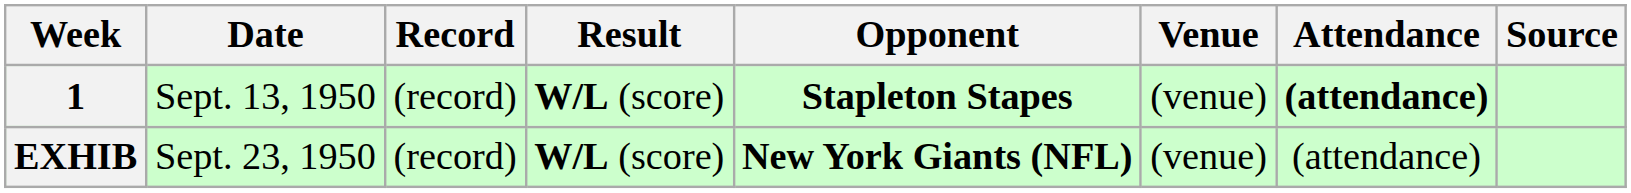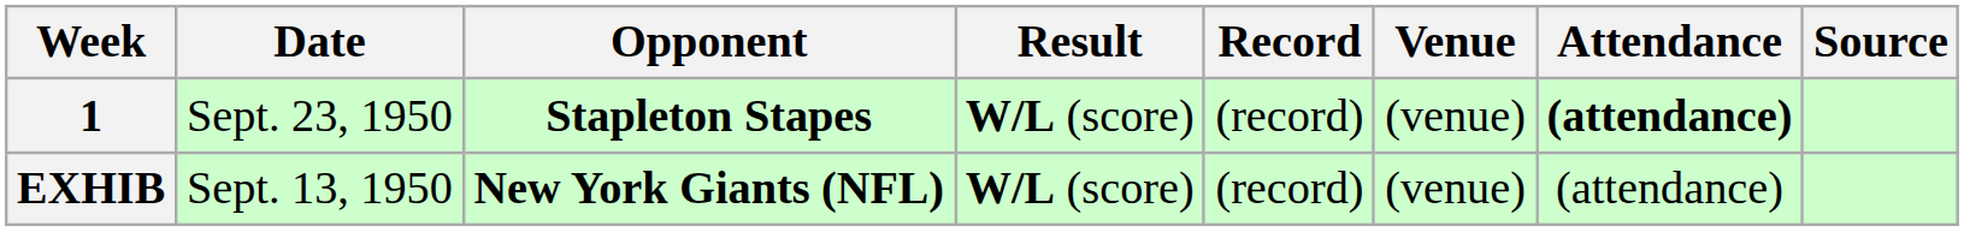 <table class="wikitable" style="text-align:center">
 <tr>
 <th>Week</th>
 <th>Date</th>
+<th>Opponent</th>
+<th>Result</th>
 <th>Record</th>
-<th>Result</th>
-<th>Opponent</th>
 <th>Venue</th>
 <th>Attendance</th>
 <th>Source</th>
 </tr>
 <tr style="background: #cfc;">
 <th>1</th>
-<td>Sept. 13, 1950</td>
+<td>Sept. 23, 1950</td>
+<td><strong>Stapleton Stapes</strong></td>
+<td><strong>W/L</strong> (score)</td>
 <td>(record)</td>
-<td><strong>W/L</strong> (score)</td>
-<td><strong>Stapleton Stapes</strong></td>
 <td>(venue)</td>
 <td><strong>(attendance)</strong></td>
 <td></td>
 </tr>
 <tr style="background: #cfc;">
 <th>EXHIB</th>
-<td>Sept. 23, 1950</td>
+<td>Sept. 13, 1950</td>
+<td><strong>New York Giants (NFL)</strong></td>
+<td><strong>W/L</strong> (score)</td>
 <td>(record)</td>
-<td><strong>W/L</strong> (score)</td>
-<td><strong>New York Giants (NFL)</strong></td>
 <td>(venue)</td>
 <td>(attendance)</td>
 <td></td>
 </tr>
 </table>
